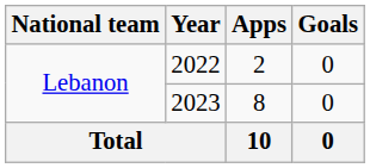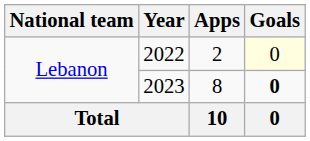 <table class="wikitable" style="text-align:center">
 <tr>
 <th>National team</th>
 <th>Year</th>
 <th>Apps</th>
 <th>Goals</th>
 </tr>
 <tr>
 <td rowspan="2"><a href='#'>Lebanon</a></td>
 <td>2022</td>
 <td>2</td>
-<td>0</td>
+<td style="background: lightyellow;">0</td>
 </tr>
 <tr>
 <td>2023</td>
 <td>8</td>
-<td>0</td>
+<td><strong>0</strong></td>
 </tr>
 <tr>
 <th colspan="2">Total</th>
 <th>10</th>
 <th>0</th>
 </tr>
 </table>
